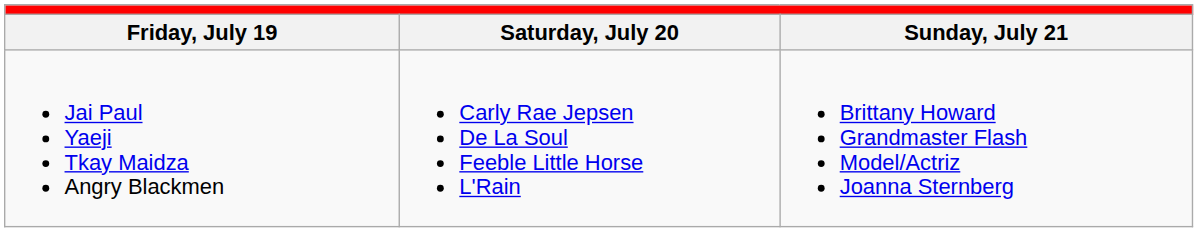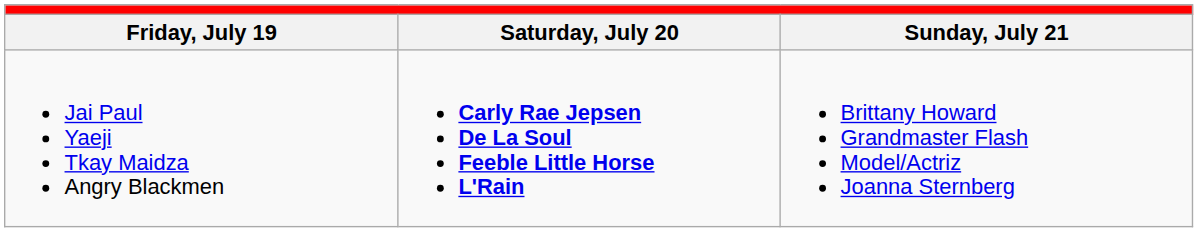 <table class="wikitable">
 <tr>
 <td colspan="3" align="center" bgcolor="#FF0000"><strong></strong></td>
 </tr>
 <tr>
 <th width="500">Friday, July 19</th>
 <th width="500">Saturday, July 20</th>
 <th width="500">Sunday, July 21</th>
 </tr>
 <tr valign="top">
 <td><br><ul><li><a href='#'>Jai Paul</a></li><li><a href='#'>Yaeji</a></li><li><a href='#'>Tkay Maidza</a></li><li>Angry Blackmen</li></ul></td>
-<td><br><ul><li><a href='#'>Carly Rae Jepsen</a></li><li><a href='#'>De La Soul</a></li><li><a href='#'>Feeble Little Horse</a></li><li><a href='#'>L'Rain</a></li></ul></td>
+<td><strong><br><ul><li><a href='#'>Carly Rae Jepsen</a></li><li><a href='#'>De La Soul</a></li><li><a href='#'>Feeble Little Horse</a></li><li><a href='#'>L'Rain</a></li></ul></strong></td>
 <td><br><ul><li><a href='#'>Brittany Howard</a></li><li><a href='#'>Grandmaster Flash</a></li><li><a href='#'>Model/Actriz</a></li><li><a href='#'>Joanna Sternberg</a></li></ul></td>
 </tr>
 </table>
